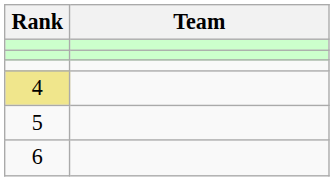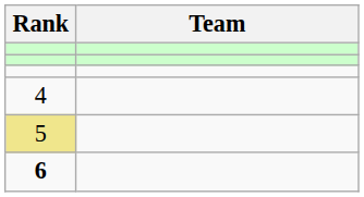 <table class="wikitable" style="text-align: center;">
 <tr>
 <th width=40>Rank</th>
 <th width=180>Team</th>
 </tr>
 <tr align=center bgcolor=#ccffcc>
 <td></td>
 <td style="text-align:left;"></td>
 </tr>
 <tr align=center bgcolor=#ccffcc>
 <td></td>
 <td style="text-align:left;"></td>
 </tr>
 <tr align=center>
 <td></td>
 <td style="text-align:left;"></td>
 </tr>
 <tr align=center>
-<td style="background: khaki;">4</td>
+<td>4</td>
 <td style="text-align:left;"></td>
 </tr>
 <tr align=center>
-<td>5</td>
+<td style="background: khaki;">5</td>
 <td style="text-align:left;"></td>
 </tr>
 <tr align=center>
-<td>6</td>
+<td><strong>6</strong></td>
 <td style="text-align:left;"></td>
 </tr>
 </table>
